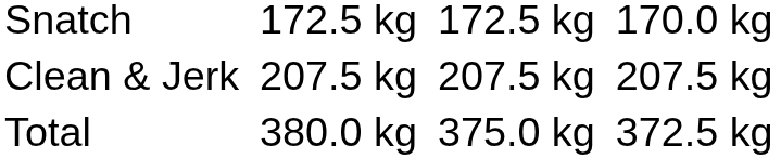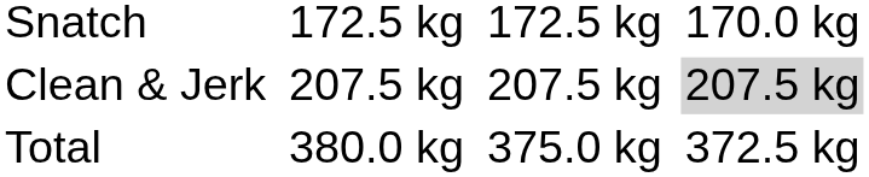 <table>
 <tr>
 <td>Snatch</td>
 <td></td>
 <td>172.5 kg</td>
 <td></td>
 <td>172.5 kg</td>
 <td></td>
 <td>170.0 kg</td>
 </tr>
 <tr>
 <td>Clean & Jerk</td>
 <td></td>
 <td>207.5 kg</td>
 <td></td>
 <td>207.5 kg</td>
 <td></td>
-<td>207.5 kg</td>
+<td style="background: lightgrey;">207.5 kg</td>
 </tr>
 <tr>
 <td>Total</td>
 <td></td>
 <td>380.0 kg</td>
 <td></td>
 <td>375.0 kg</td>
 <td></td>
 <td>372.5 kg</td>
 </tr>
 </table>
